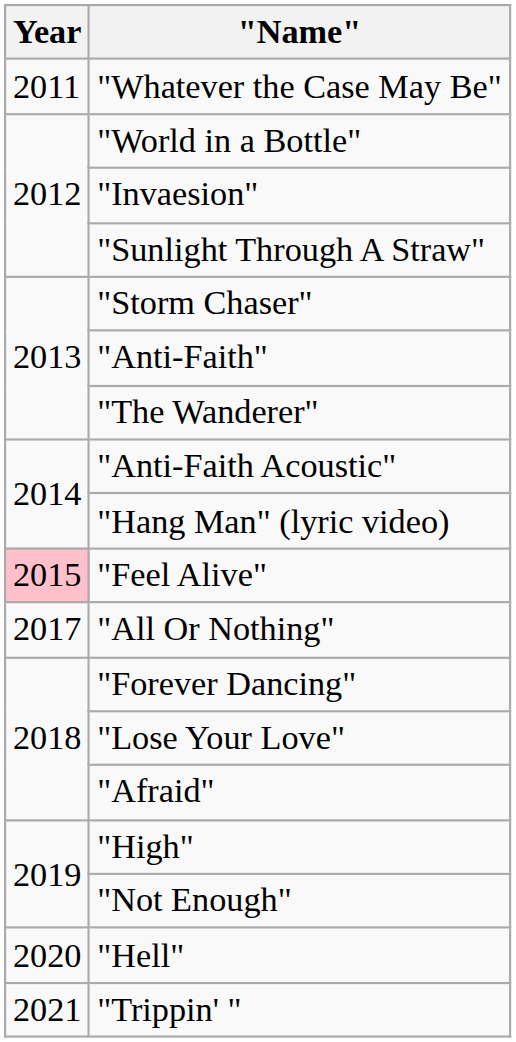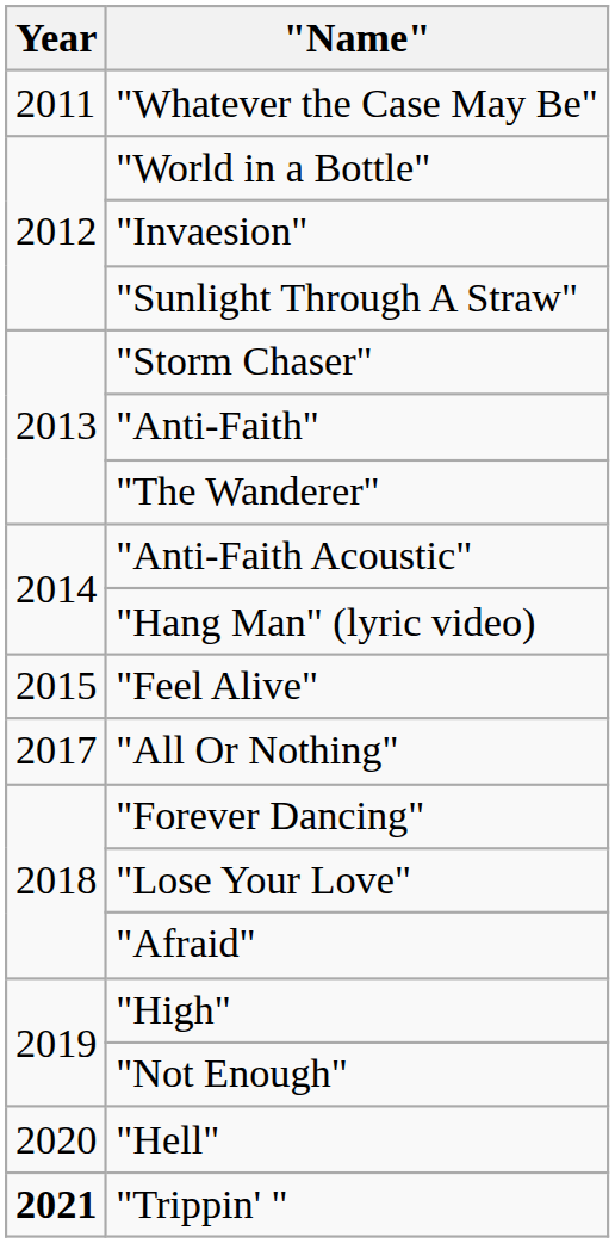 <table class="wikitable">
 <tr>
 <th>Year</th>
 <th>"Name"</th>
 </tr>
 <tr>
 <td>2011</td>
 <td>"Whatever the Case May Be"</td>
 </tr>
 <tr>
 <td rowspan="3">2012</td>
 <td>"World in a Bottle"</td>
 </tr>
 <tr>
 <td>"Invaesion"</td>
 </tr>
 <tr>
 <td>"Sunlight Through A Straw"</td>
 </tr>
 <tr>
 <td rowspan="3">2013</td>
 <td>"Storm Chaser"</td>
 </tr>
 <tr>
 <td>"Anti-Faith"</td>
 </tr>
 <tr>
 <td>"The Wanderer"</td>
 </tr>
 <tr>
 <td rowspan="2">2014</td>
 <td>"Anti-Faith Acoustic"</td>
 </tr>
 <tr>
 <td>"Hang Man" (lyric video)</td>
 </tr>
 <tr>
-<td style="background: pink;">2015</td>
+<td>2015</td>
 <td>"Feel Alive"</td>
 </tr>
 <tr>
 <td>2017</td>
 <td>"All Or Nothing"</td>
 </tr>
 <tr>
 <td rowspan="3">2018</td>
 <td>"Forever Dancing"</td>
 </tr>
 <tr>
 <td>"Lose Your Love"</td>
 </tr>
 <tr>
 <td>"Afraid"</td>
 </tr>
 <tr>
 <td rowspan="2">2019</td>
 <td>"High"</td>
 </tr>
 <tr>
 <td>"Not Enough"</td>
 </tr>
 <tr>
 <td>2020</td>
 <td>"Hell"</td>
 </tr>
 <tr>
-<td>2021</td>
+<td><strong>2021</strong></td>
 <td>"Trippin' "</td>
 </tr>
 </table>
